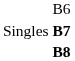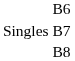 <table>
 <tr>
 <td rowspan=3>Singles</td>
 <td>B6</td>
 <td></td>
 <td></td>
 <td></td>
 </tr>
 <tr>
-<td><strong>B7</strong></td>
+<td>B7</td>
 <td></td>
 <td></td>
 <td></td>
 </tr>
 <tr>
-<td><strong>B8</strong></td>
+<td>B8</td>
 <td></td>
 <td></td>
 <td></td>
 </tr>
 </table>
